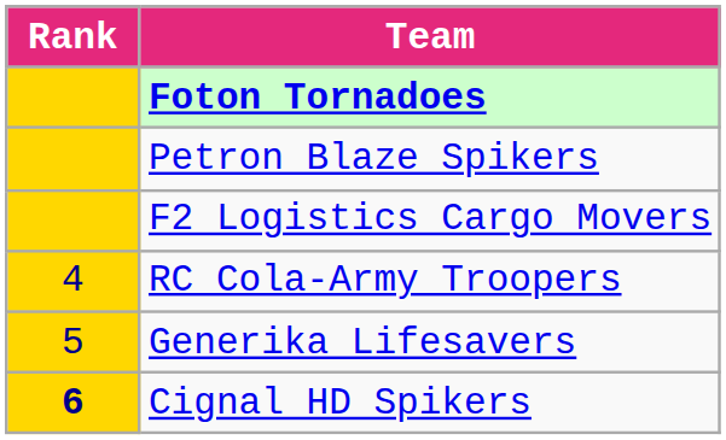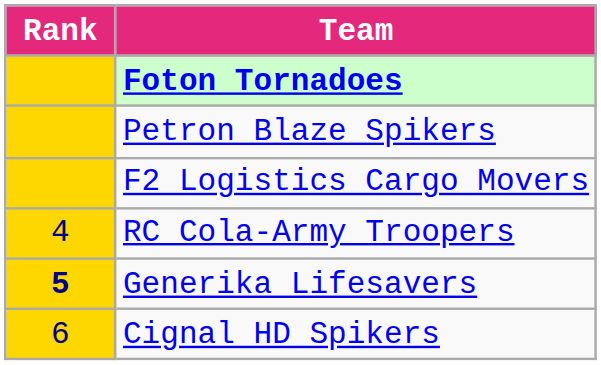 <table class="wikitable" style="text-align: center;">
 <tr>
 <th width=40 style="background:#E4287C; color:#FFFFFF;">Rank</th>
 <th style="background:#E4287C; color:#FFFFFF;">Team</th>
 </tr>
 <tr bgcolor=#ccffcc>
 <td style="background:#FFD700; color:#00008B;"></td>
 <td style="text-align:left;"><strong><a href='#'>Foton Tornadoes</a></strong></td>
 </tr>
 <tr>
 <td style="background:#FFD700; color:#00008B;"></td>
 <td style="text-align:left;"><a href='#'>Petron Blaze Spikers</a></td>
 </tr>
 <tr>
 <td style="background:#FFD700; color:#00008B;"></td>
 <td style="text-align:left;"><a href='#'>F2 Logistics Cargo Movers</a></td>
 </tr>
 <tr>
 <td style="background:#FFD700; color:#00008B;">4</td>
 <td style="text-align:left;"><a href='#'>RC Cola-Army Troopers</a></td>
 </tr>
 <tr>
-<td style="background:#FFD700; color:#00008B;">5</td>
+<td style="background:#FFD700; color:#00008B;"><strong>5</strong></td>
 <td style="text-align:left;"><a href='#'>Generika Lifesavers</a></td>
 </tr>
 <tr>
-<td style="background:#FFD700; color:#00008B;"><strong>6</strong></td>
+<td style="background:#FFD700; color:#00008B;">6</td>
 <td style="text-align:left;"><a href='#'>Cignal HD Spikers</a></td>
 </tr>
 </table>
